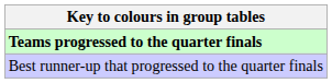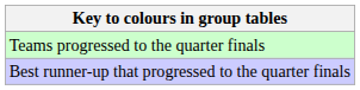 <table class="wikitable">
 <tr>
 <th>Key to colours in group tables</th>
 </tr>
 <tr bgcolor=#ccffcc>
-<td><strong>Teams progressed to the quarter finals</strong></td>
+<td>Teams progressed to the quarter finals</td>
 </tr>
 <tr bgcolor=#ccccff>
 <td>Best runner-up that progressed to the quarter finals</td>
 </tr>
 </table>
